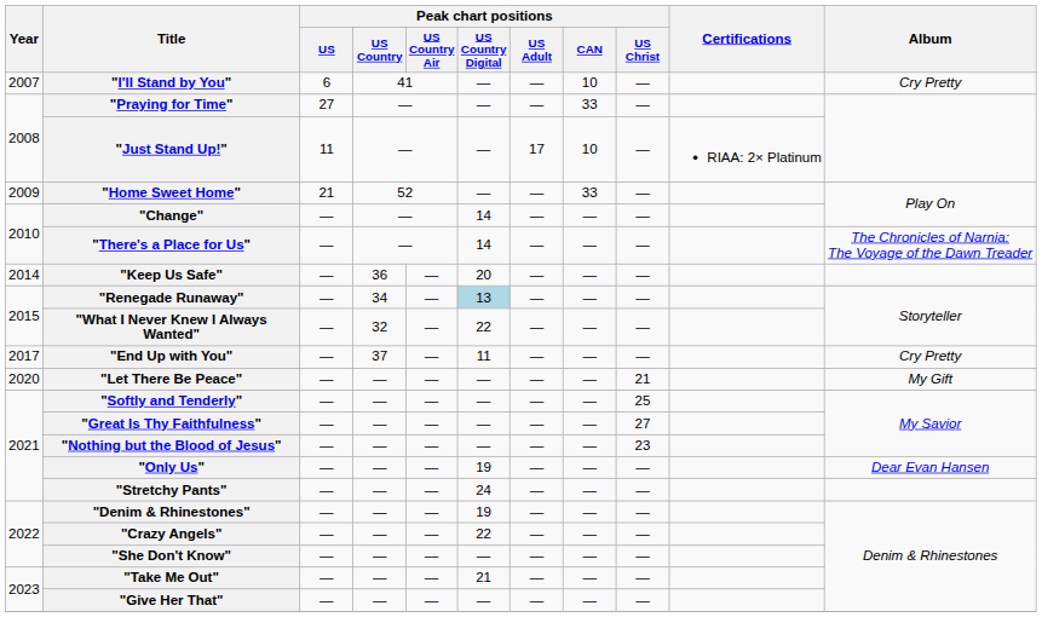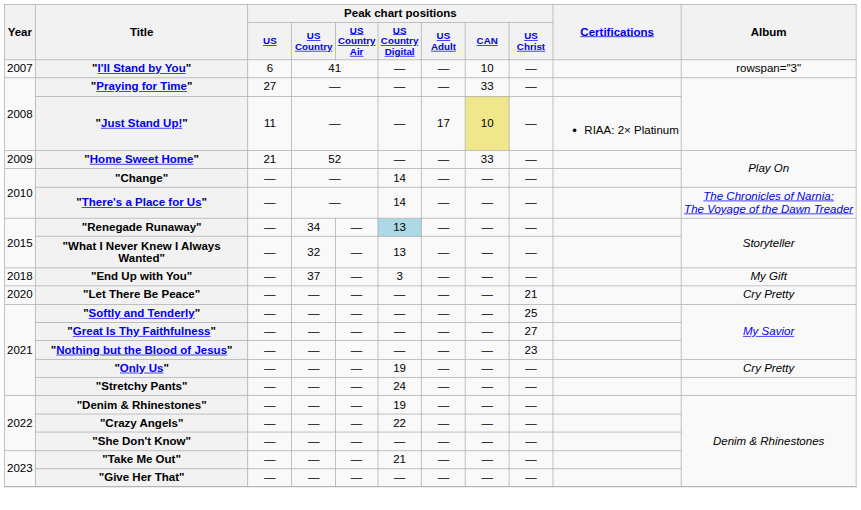 <table class="wikitable plainrowheaders" style="text-align:center;">
 <tr>
 <th rowspan="2">Year</th>
 <th rowspan="2" style="width:18em;">Title</th>
 <th colspan="7">Peak chart positions</th>
 <th rowspan="2"><a href='#'>Certifications</a></th>
 <th rowspan="2">Album</th>
 </tr>
 <tr>
 <th style="width:4em;font-size:85%;"><a href='#'>US</a><br></th>
 <th style="width:4em;font-size:85%;"><a href='#'>US<br> Country</a><br></th>
 <th scope="col" style="width:2.5em;font-size:85%;"><a href='#'>US<br> Country<br> Air</a><br></th>
 <th style="width:4em;font-size:85%;"><a href='#'>US<br> Country<br> Digital</a><br></th>
 <th style="width:4em;font-size:85%;"><a href='#'>US <br>Adult</a><br></th>
 <th style="width:4em;font-size:85%;"><a href='#'>CAN</a><br></th>
 <th style="width:4em;font-size:85%;"><a href='#'>US Christ</a><br></th>
 </tr>
 <tr>
 <td>2007</td>
 <th scope="row">"<a href='#'>I'll Stand by You</a>"</th>
 <td>6</td>
 <td colspan="2">41</td>
 <td>—</td>
 <td>—</td>
 <td>10</td>
 <td>—</td>
 <td></td>
-<td><em>Cry Pretty</em></td>
+<td>rowspan="3" </td>
 </tr>
 <tr>
 <td rowspan="2">2008</td>
 <th scope="row">"<a href='#'>Praying for Time</a>"</th>
 <td>27</td>
 <td colspan="2">—</td>
 <td>—</td>
 <td>—</td>
 <td>33</td>
 <td>—</td>
 <td></td>
 </tr>
 <tr>
 <th scope="row">"<a href='#'>Just Stand Up!</a>"<br></th>
 <td>11</td>
 <td colspan="2">—</td>
 <td>—</td>
 <td>17</td>
-<td>10</td>
+<td style="background: khaki;">10</td>
 <td>—</td>
 <td><br><ul><li>RIAA: 2× Platinum</li></ul></td>
 </tr>
 <tr>
 <td>2009</td>
 <th scope="row">"<a href='#'>Home Sweet Home</a>"</th>
 <td>21</td>
 <td colspan="2">52</td>
 <td>—</td>
 <td>—</td>
 <td>33</td>
 <td>—</td>
 <td></td>
 <td rowspan="2"><em>Play On</em></td>
 </tr>
 <tr>
 <td rowspan="2">2010</td>
 <th scope="row">"Change"</th>
 <td>—</td>
 <td colspan="2">—</td>
 <td>14</td>
 <td>—</td>
 <td>—</td>
 <td>—</td>
 <td></td>
 </tr>
 <tr>
 <th scope="row">"<a href='#'>There's a Place for Us</a>"</th>
 <td>—</td>
 <td colspan="2">—</td>
 <td>14</td>
 <td>—</td>
 <td>—</td>
 <td>—</td>
 <td></td>
 <td><em><a href='#'>The Chronicles of Narnia:<br>The Voyage of the Dawn Treader</a></em></td>
 </tr>
 <tr>
-<td>2014</td>
-<th scope="row">"Keep Us Safe"</th>
-<td>—</td>
-<td>36</td>
-<td>—</td>
-<td>20</td>
-<td>—</td>
-<td>—</td>
-<td>—</td>
-<td></td>
-<td></td>
-</tr>
-<tr>
 <td rowspan="2">2015</td>
 <th scope="row">"Renegade Runaway"</th>
 <td>—</td>
 <td>34</td>
 <td>—</td>
 <td style="background: lightblue;">13</td>
 <td>—</td>
 <td>—</td>
 <td>—</td>
 <td></td>
 <td rowspan="2"><em>Storyteller</em></td>
 </tr>
 <tr>
 <th scope="row">"What I Never Knew I Always Wanted"</th>
 <td>—</td>
 <td>32</td>
 <td>—</td>
-<td>22</td>
+<td>13</td>
 <td>—</td>
 <td>—</td>
 <td>—</td>
 <td></td>
 </tr>
 <tr>
-<td>2017</td>
+<td>2018</td>
 <th scope="row">"End Up with You"</th>
 <td>—</td>
 <td>37</td>
 <td>—</td>
-<td>11</td>
+<td>3</td>
 <td>—</td>
 <td>—</td>
 <td>—</td>
 <td></td>
-<td><em>Cry Pretty</em></td>
+<td><em>My Gift</em></td>
 </tr>
 <tr>
 <td>2020</td>
 <th scope="row">"Let There Be Peace"</th>
 <td>—</td>
 <td>—</td>
 <td>—</td>
 <td>—</td>
 <td>—</td>
 <td>—</td>
 <td>21</td>
 <td></td>
-<td><em>My Gift</em></td>
+<td><em>Cry Pretty</em></td>
 </tr>
 <tr>
 <td rowspan="5">2021</td>
 <th scope="row">"<a href='#'>Softly and Tenderly</a>"</th>
 <td>—</td>
 <td>—</td>
 <td>—</td>
 <td>—</td>
 <td>—</td>
 <td>—</td>
 <td>25</td>
 <td></td>
 <td rowspan="3"><em><a href='#'>My Savior</a></em></td>
 </tr>
 <tr>
 <th scope="row">"<a href='#'>Great Is Thy Faithfulness</a>"<br></th>
 <td>—</td>
 <td>—</td>
 <td>—</td>
 <td>—</td>
 <td>—</td>
 <td>—</td>
 <td>27</td>
 <td></td>
 </tr>
 <tr>
 <th scope="row">"<a href='#'>Nothing but the Blood of Jesus</a>"</th>
 <td>—</td>
 <td>—</td>
 <td>—</td>
 <td>—</td>
 <td>—</td>
 <td>—</td>
 <td>23</td>
 <td></td>
 </tr>
 <tr>
 <th scope="row">"<a href='#'>Only Us</a>" </th>
 <td>—</td>
 <td>—</td>
 <td>—</td>
 <td>19</td>
 <td>—</td>
 <td>—</td>
 <td>—</td>
 <td></td>
-<td><em><a href='#'>Dear Evan Hansen</a></em></td>
+<td><em>Cry Pretty</em></td>
 </tr>
 <tr>
 <th scope="row">"Stretchy Pants"</th>
 <td>—</td>
 <td>—</td>
 <td>—</td>
 <td>24</td>
 <td>—</td>
 <td>—</td>
 <td>—</td>
 <td></td>
 <td></td>
 </tr>
 <tr>
 <td rowspan="3">2022</td>
 <th scope="row">"Denim & Rhinestones"</th>
 <td>—</td>
 <td>—</td>
 <td>—</td>
 <td>19</td>
 <td>—</td>
 <td>—</td>
 <td>—</td>
 <td></td>
 <td rowspan="5"><em>Denim & Rhinestones</em></td>
 </tr>
 <tr>
 <th scope="row">"Crazy Angels"</th>
 <td>—</td>
 <td>—</td>
 <td>—</td>
 <td>22</td>
 <td>—</td>
 <td>—</td>
 <td>—</td>
 <td></td>
 </tr>
 <tr>
 <th scope="row">"She Don't Know"</th>
 <td>—</td>
 <td>—</td>
 <td>—</td>
 <td>—</td>
 <td>—</td>
 <td>—</td>
 <td>—</td>
 <td></td>
 </tr>
 <tr>
 <td rowspan="2">2023</td>
 <th scope="row">"Take Me Out"</th>
 <td>—</td>
 <td>—</td>
 <td>—</td>
 <td>21</td>
 <td>—</td>
 <td>—</td>
 <td>—</td>
 <td></td>
 </tr>
 <tr>
 <th scope="row">"Give Her That"</th>
 <td>—</td>
 <td>—</td>
 <td>—</td>
 <td>—</td>
 <td>—</td>
 <td>—</td>
 <td>—</td>
 <td></td>
 </tr>
 <tr>
 </tr>
 </table>
